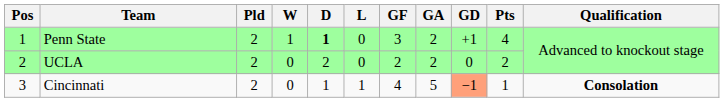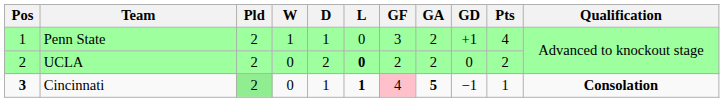 <table class="wikitable" style="text-align:center; margin: 1em auto">
 <tr>
 <th style="width:2em">Pos</th>
 <th style="width:13em">Team</th>
 <th style="width:2em">Pld</th>
 <th style="width:2em">W</th>
 <th style="width:2em">D</th>
 <th style="width:2em">L</th>
 <th style="width:2em">GF</th>
 <th style="width:2em">GA</th>
 <th style="width:2em">GD</th>
 <th style="width:2em">Pts</th>
 <th style="width:13em">Qualification</th>
 </tr>
 <tr bgcolor="#9eff9e">
 <td>1</td>
 <td style="text-align:left">Penn State</td>
 <td>2</td>
 <td>1</td>
-<td><strong>1</strong></td>
+<td>1</td>
 <td>0</td>
 <td>3</td>
 <td>2</td>
 <td>+1</td>
 <td>4</td>
 <td rowspan="2">Advanced to knockout stage</td>
 </tr>
 <tr bgcolor="#9eff9e">
 <td>2</td>
 <td style="text-align:left">UCLA</td>
 <td>2</td>
 <td>0</td>
 <td>2</td>
-<td>0</td>
+<td><strong>0</strong></td>
 <td>2</td>
 <td>2</td>
 <td>0</td>
 <td>2</td>
 </tr>
 <tr>
-<td>3</td>
+<td><strong>3</strong></td>
 <td style="text-align:left">Cincinnati</td>
-<td>2</td>
+<td style="background: lightgreen;">2</td>
 <td>0</td>
 <td>1</td>
-<td>1</td>
-<td>4</td>
-<td>5</td>
-<td style="background: lightsalmon;">−1</td>
+<td><strong>1</strong></td>
+<td style="background: pink;">4</td>
+<td><strong>5</strong></td>
+<td>−1</td>
 <td>1</td>
 <td><strong>Consolation</strong></td>
 </tr>
 </table>
